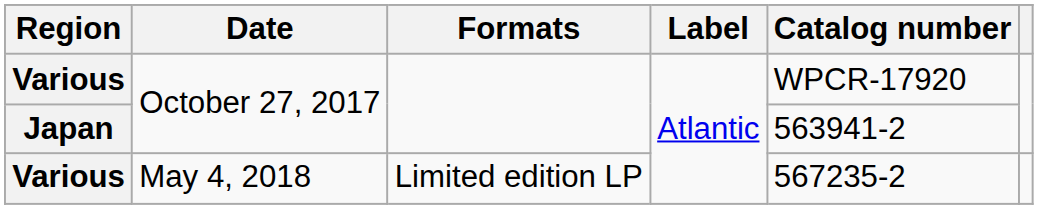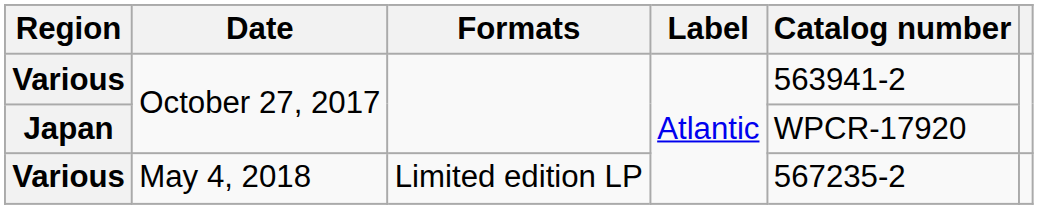 <table class="wikitable plainrowheaders">
 <tr>
 <th scope="col">Region</th>
 <th scope="col">Date</th>
 <th scope="col">Formats</th>
 <th scope="col">Label</th>
 <th scope="col">Catalog number</th>
 <th scope="col"></th>
 </tr>
 <tr>
 <th scope="row">Various</th>
 <td rowspan="2">October 27, 2017</td>
 <td rowspan="2"></td>
 <td rowspan="3"><a href='#'>Atlantic</a></td>
-<td>WPCR-17920</td>
+<td>563941-2</td>
 <td style="text-align:center;" rowspan="2"></td>
 </tr>
 <tr>
 <th scope="row">Japan</th>
-<td>563941-2</td>
+<td>WPCR-17920</td>
 </tr>
 <tr>
 <th scope="row">Various</th>
 <td>May 4, 2018</td>
 <td>Limited edition LP</td>
 <td>567235-2</td>
 <td></td>
 </tr>
 </table>
